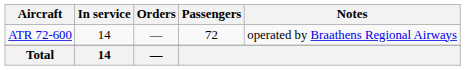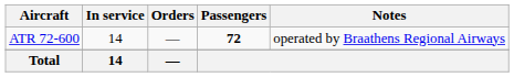 <table class="wikitable" style="margin:1em auto; border-collapse:collapse; text-align:center">
 <tr>
 <th>Aircraft</th>
 <th>In service</th>
 <th>Orders</th>
 <th>Passengers</th>
 <th>Notes</th>
 </tr>
 <tr>
 <td><a href='#'>ATR 72-600</a></td>
 <td>14</td>
 <td>—</td>
-<td>72</td>
+<td><strong>72</strong></td>
 <td>operated by <a href='#'>Braathens Regional Airways</a></td>
 </tr>
 <tr>
 </tr>
 <tr>
 </tr>
 <tr>
 <th>Total</th>
 <th>14</th>
 <th>—</th>
 <th colspan="2"></th>
 </tr>
 </table>
